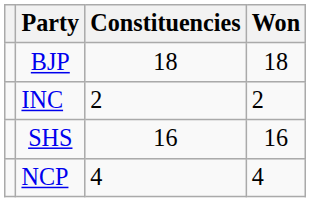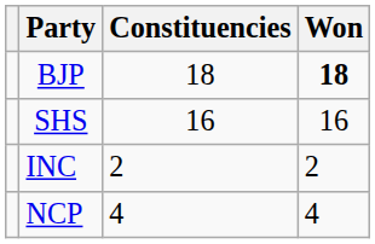 <table class=wikitable>
 <tr>
 <th></th>
 <th>Party</th>
 <th>Constituencies</th>
 <th>Won</th>
 </tr>
 <tr align="center">
 <td></td>
 <td><a href='#'>BJP</a></td>
 <td>18</td>
-<td>18</td>
-</tr>
-<tr>
-<td></td>
-<td><a href='#'>INC</a></td>
-<td>2</td>
-<td>2</td>
+<td><strong>18</strong></td>
 </tr>
 <tr align="center">
 <td></td>
 <td><a href='#'>SHS</a></td>
 <td>16</td>
 <td>16</td>
 </tr>
 <tr>
 <td></td>
+<td><a href='#'>INC</a></td>
+<td>2</td>
+<td>2</td>
+</tr>
+<tr>
+<td></td>
 <td><a href='#'>NCP</a></td>
 <td>4</td>
 <td>4</td>
 </tr>
 </table>
